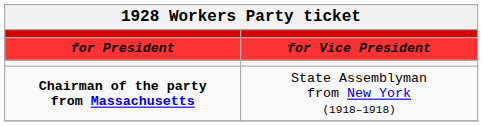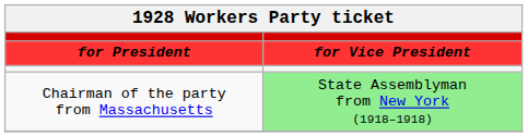 <table class="wikitable" style="font-size:90%; text-align:center;">
 <tr>
 <td style="background:#f1f1f1;" colspan="30"><big><strong>1928 Workers Party ticket</strong></big></td>
 </tr>
 <tr>
 <th style="width:3em; font-size:135%; background:#D50000; width:200px;"><a href='#'></a></th>
 <th style="width:3em; font-size:135%; background:#D50000; width:200px;"><a href='#'></a></th>
 </tr>
 <tr style="color:#000; font-size:100%; background:#ff3333;">
 <td style="width:3em; width:200px;"><strong><em>for President</em></strong></td>
 <td style="width:3em; width:200px;"><strong><em>for Vice President</em></strong></td>
 </tr>
 <tr>
 <td></td>
 <td></td>
 </tr>
 <tr>
-<td><strong>Chairman of the party<br>from <a href='#'>Massachusetts</a></strong></td>
-<td>State Assemblyman<br>from <a href='#'>New York</a><br><small>(1918–1918)</small></td>
+<td>Chairman of the party<br>from <a href='#'>Massachusetts</a></td>
+<td style="background: lightgreen;">State Assemblyman<br>from <a href='#'>New York</a><br><small>(1918–1918)</small></td>
 </tr>
 <tr>
 </tr>
 <tr>
 </tr>
 </table>
